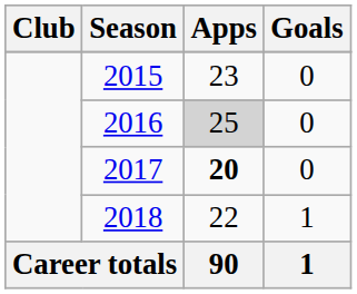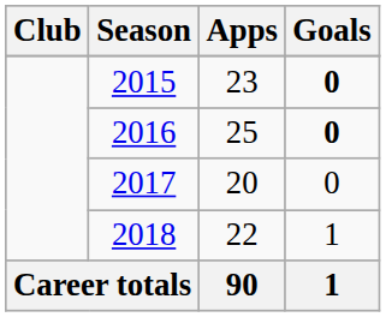 <table class="wikitable" style="text-align: center;">
 <tr>
 <th>Club</th>
 <th>Season</th>
 <th>Apps</th>
 <th>Goals</th>
 </tr>
 <tr>
 </tr>
 <tr>
 <td rowspan="4" !!><a href='#'></a></td>
 <td><a href='#'>2015</a></td>
 <td>23</td>
-<td>0</td>
+<td><strong>0</strong></td>
 </tr>
 <tr>
 <td><a href='#'>2016</a></td>
-<td style="background: lightgrey;">25</td>
-<td>0</td>
+<td>25</td>
+<td><strong>0</strong></td>
 </tr>
 <tr>
 <td><a href='#'>2017</a></td>
-<td><strong>20</strong></td>
+<td>20</td>
 <td>0</td>
 </tr>
 <tr>
 <td><a href='#'>2018</a></td>
 <td>22</td>
 <td>1</td>
 </tr>
 <tr>
 <th colspan="2">Career totals</th>
 <th>90</th>
 <th>1</th>
 </tr>
 </table>
